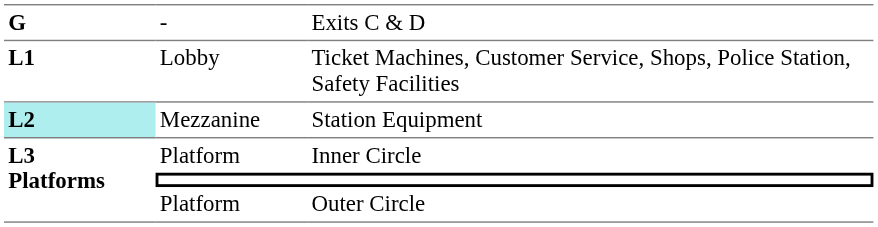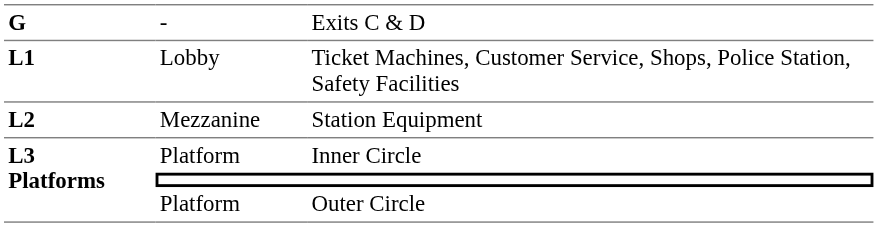 <table table border=0 cellspacing=0 cellpadding=3>
 <tr>
 <td style="border-top:solid 1px gray;" width=50 valign=top><strong>G</strong></td>
 <td style="border-top:solid 1px gray;" width=100 valign=top>-</td>
 <td style="border-top:solid 1px gray;" width=390 valign=top>Exits C & D</td>
 </tr>
 <tr>
 <td style="border-bottom:solid 1px gray; border-top:solid 1px gray;" valign=top width=100><strong>L1</strong></td>
 <td style="border-bottom:solid 1px gray; border-top:solid 1px gray;" valign=top width=100>Lobby</td>
 <td style="border-bottom:solid 1px gray; border-top:solid 1px gray;" valign=top width=390>Ticket Machines, Customer Service, Shops, Police Station, Safety Facilities</td>
 </tr>
 <tr>
-<td style="background: paleturquoise; border-bottom:solid 1px gray;" valign=top><strong>L2</strong></td>
+<td style="border-bottom:solid 1px gray;" valign=top><strong>L2</strong></td>
 <td style="border-bottom:solid 1px gray;" valign=top>Mezzanine</td>
 <td style="border-bottom:solid 1px gray;" valign=top>Station Equipment</td>
 </tr>
 <tr>
 <td style="border-bottom:solid 1px gray;" rowspan=3 valign=top><strong>L3<br>Platforms</strong></td>
 <td>Platform </td>
 <td>  Inner Circle </td>
 </tr>
 <tr>
 <td style="border-right:solid 2px black;border-left:solid 2px black;border-top:solid 2px black;border-bottom:solid 2px black;text-align:center;" colspan=2></td>
 </tr>
 <tr>
 <td style="border-bottom:solid 1px gray;">Platform </td>
 <td style="border-bottom:solid 1px gray;"> Outer Circle  </td>
 </tr>
 <tr>
 </tr>
 </table>
